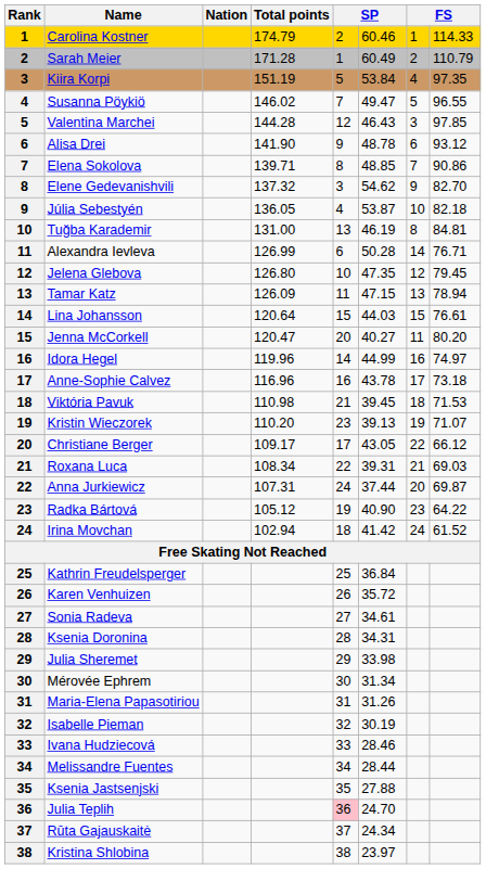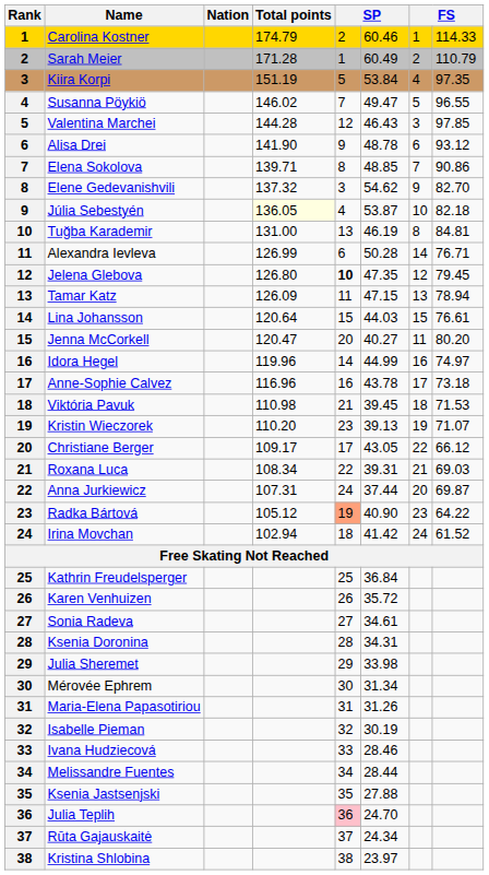 <table class="wikitable">
 <tr>
 <th>Rank</th>
 <th>Name</th>
 <th>Nation</th>
 <th>Total points</th>
 <th colspan="2" style="width:80px;"><a href='#'>SP</a></th>
 <th colspan="2" style="width:80px;"><a href='#'>FS</a></th>
 </tr>
 <tr style="background:gold;">
 <td style="text-align:center;"><strong>1</strong></td>
 <td><a href='#'>Carolina Kostner</a></td>
 <td></td>
 <td>174.79</td>
 <td>2</td>
 <td>60.46</td>
 <td>1</td>
 <td>114.33</td>
 </tr>
 <tr style="background:silver;">
 <td style="text-align:center;"><strong>2</strong></td>
 <td><a href='#'>Sarah Meier</a></td>
 <td></td>
 <td>171.28</td>
 <td>1</td>
 <td>60.49</td>
 <td>2</td>
 <td>110.79</td>
 </tr>
 <tr style="background:#c96;">
 <td style="text-align:center;"><strong>3</strong></td>
 <td><a href='#'>Kiira Korpi</a></td>
 <td></td>
 <td>151.19</td>
 <td>5</td>
 <td>53.84</td>
 <td>4</td>
 <td>97.35</td>
 </tr>
 <tr>
 <th>4</th>
 <td><a href='#'>Susanna Pöykiö</a></td>
 <td></td>
 <td>146.02</td>
 <td>7</td>
 <td>49.47</td>
 <td>5</td>
 <td>96.55</td>
 </tr>
 <tr>
 <th>5</th>
 <td><a href='#'>Valentina Marchei</a></td>
 <td></td>
 <td>144.28</td>
 <td>12</td>
 <td>46.43</td>
 <td>3</td>
 <td>97.85</td>
 </tr>
 <tr>
 <th>6</th>
 <td><a href='#'>Alisa Drei</a></td>
 <td></td>
 <td>141.90</td>
 <td>9</td>
 <td>48.78</td>
 <td>6</td>
 <td>93.12</td>
 </tr>
 <tr>
 <th>7</th>
 <td><a href='#'>Elena Sokolova</a></td>
 <td></td>
 <td>139.71</td>
 <td>8</td>
 <td>48.85</td>
 <td>7</td>
 <td>90.86</td>
 </tr>
 <tr>
 <th>8</th>
 <td><a href='#'>Elene Gedevanishvili</a></td>
 <td></td>
 <td>137.32</td>
 <td>3</td>
 <td>54.62</td>
 <td>9</td>
 <td>82.70</td>
 </tr>
 <tr>
 <th>9</th>
 <td><a href='#'>Júlia Sebestyén</a></td>
 <td></td>
-<td>136.05</td>
+<td style="background: lightyellow;">136.05</td>
 <td>4</td>
 <td>53.87</td>
 <td>10</td>
 <td>82.18</td>
 </tr>
 <tr>
 <th>10</th>
 <td><a href='#'>Tuğba Karademir</a></td>
 <td></td>
 <td>131.00</td>
 <td>13</td>
 <td>46.19</td>
 <td>8</td>
 <td>84.81</td>
 </tr>
 <tr>
 <th>11</th>
 <td>Alexandra Ievleva</td>
 <td></td>
 <td>126.99</td>
 <td>6</td>
 <td>50.28</td>
 <td>14</td>
 <td>76.71</td>
 </tr>
 <tr>
 <th>12</th>
 <td><a href='#'>Jelena Glebova</a></td>
 <td></td>
 <td>126.80</td>
-<td>10</td>
+<td><strong>10</strong></td>
 <td>47.35</td>
 <td>12</td>
 <td>79.45</td>
 </tr>
 <tr>
 <th>13</th>
 <td><a href='#'>Tamar Katz</a></td>
 <td></td>
 <td>126.09</td>
 <td>11</td>
 <td>47.15</td>
 <td>13</td>
 <td>78.94</td>
 </tr>
 <tr>
 <th>14</th>
 <td><a href='#'>Lina Johansson</a></td>
 <td></td>
 <td>120.64</td>
 <td>15</td>
 <td>44.03</td>
 <td>15</td>
 <td>76.61</td>
 </tr>
 <tr>
 <th>15</th>
 <td><a href='#'>Jenna McCorkell</a></td>
 <td></td>
 <td>120.47</td>
 <td>20</td>
 <td>40.27</td>
 <td>11</td>
 <td>80.20</td>
 </tr>
 <tr>
 <th>16</th>
 <td><a href='#'>Idora Hegel</a></td>
 <td></td>
 <td>119.96</td>
 <td>14</td>
 <td>44.99</td>
 <td>16</td>
 <td>74.97</td>
 </tr>
 <tr>
 <th>17</th>
 <td><a href='#'>Anne-Sophie Calvez</a></td>
 <td></td>
 <td>116.96</td>
 <td>16</td>
 <td>43.78</td>
 <td>17</td>
 <td>73.18</td>
 </tr>
 <tr>
 <th>18</th>
 <td><a href='#'>Viktória Pavuk</a></td>
 <td></td>
 <td>110.98</td>
 <td>21</td>
 <td>39.45</td>
 <td>18</td>
 <td>71.53</td>
 </tr>
 <tr>
 <th>19</th>
 <td><a href='#'>Kristin Wieczorek</a></td>
 <td></td>
 <td>110.20</td>
 <td>23</td>
 <td>39.13</td>
 <td>19</td>
 <td>71.07</td>
 </tr>
 <tr>
 <th>20</th>
 <td><a href='#'>Christiane Berger</a></td>
 <td></td>
 <td>109.17</td>
 <td>17</td>
 <td>43.05</td>
 <td>22</td>
 <td>66.12</td>
 </tr>
 <tr>
 <th>21</th>
 <td><a href='#'>Roxana Luca</a></td>
 <td></td>
 <td>108.34</td>
 <td>22</td>
 <td>39.31</td>
 <td>21</td>
 <td>69.03</td>
 </tr>
 <tr>
 <th>22</th>
 <td><a href='#'>Anna Jurkiewicz</a></td>
 <td></td>
 <td>107.31</td>
 <td>24</td>
 <td>37.44</td>
 <td>20</td>
 <td>69.87</td>
 </tr>
 <tr>
 <th>23</th>
 <td><a href='#'>Radka Bártová</a></td>
 <td></td>
 <td>105.12</td>
-<td>19</td>
+<td style="background: lightsalmon;">19</td>
 <td>40.90</td>
 <td>23</td>
 <td>64.22</td>
 </tr>
 <tr>
 <th>24</th>
 <td><a href='#'>Irina Movchan</a></td>
 <td></td>
 <td>102.94</td>
 <td>18</td>
 <td>41.42</td>
 <td>24</td>
 <td>61.52</td>
 </tr>
 <tr>
 <th colspan=8>Free Skating Not Reached</th>
 </tr>
 <tr>
 <th>25</th>
 <td><a href='#'>Kathrin Freudelsperger</a></td>
 <td></td>
 <td></td>
 <td>25</td>
 <td>36.84</td>
 <td></td>
 <td></td>
 </tr>
 <tr>
 <th>26</th>
 <td><a href='#'>Karen Venhuizen</a></td>
 <td></td>
 <td></td>
 <td>26</td>
 <td>35.72</td>
 <td></td>
 <td></td>
 </tr>
 <tr>
 <th>27</th>
 <td><a href='#'>Sonia Radeva</a></td>
 <td></td>
 <td></td>
 <td>27</td>
 <td>34.61</td>
 <td></td>
 <td></td>
 </tr>
 <tr>
 <th>28</th>
 <td><a href='#'>Ksenia Doronina</a></td>
 <td></td>
 <td></td>
 <td>28</td>
 <td>34.31</td>
 <td></td>
 <td></td>
 </tr>
 <tr>
 <th>29</th>
 <td><a href='#'>Julia Sheremet</a></td>
 <td></td>
 <td></td>
 <td>29</td>
 <td>33.98</td>
 <td></td>
 <td></td>
 </tr>
 <tr>
 <th>30</th>
 <td>Mérovée Ephrem</td>
 <td></td>
 <td></td>
 <td>30</td>
 <td>31.34</td>
 <td></td>
 <td></td>
 </tr>
 <tr>
 <th>31</th>
 <td><a href='#'>Maria-Elena Papasotiriou</a></td>
 <td></td>
 <td></td>
 <td>31</td>
 <td>31.26</td>
 <td></td>
 <td></td>
 </tr>
 <tr>
 <th>32</th>
 <td><a href='#'>Isabelle Pieman</a></td>
 <td></td>
 <td></td>
 <td>32</td>
 <td>30.19</td>
 <td></td>
 <td></td>
 </tr>
 <tr>
 <th>33</th>
 <td><a href='#'>Ivana Hudziecová</a></td>
 <td></td>
 <td></td>
 <td>33</td>
 <td>28.46</td>
 <td></td>
 <td></td>
 </tr>
 <tr>
 <th>34</th>
 <td><a href='#'>Melissandre Fuentes</a></td>
 <td></td>
 <td></td>
 <td>34</td>
 <td>28.44</td>
 <td></td>
 <td></td>
 </tr>
 <tr>
 <th>35</th>
 <td><a href='#'>Ksenia Jastsenjski</a></td>
 <td></td>
 <td></td>
 <td>35</td>
 <td>27.88</td>
 <td></td>
 <td></td>
 </tr>
 <tr>
 <th>36</th>
 <td><a href='#'>Julia Teplih</a></td>
 <td></td>
 <td></td>
 <td style="background: pink;">36</td>
 <td>24.70</td>
 <td></td>
 <td></td>
 </tr>
 <tr>
 <th>37</th>
 <td><a href='#'>Rūta Gajauskaitė</a></td>
 <td></td>
 <td></td>
 <td>37</td>
 <td>24.34</td>
 <td></td>
 <td></td>
 </tr>
 <tr>
 <th>38</th>
 <td><a href='#'>Kristina Shlobina</a></td>
 <td></td>
 <td></td>
 <td>38</td>
 <td>23.97</td>
 <td></td>
 <td></td>
 </tr>
 </table>
